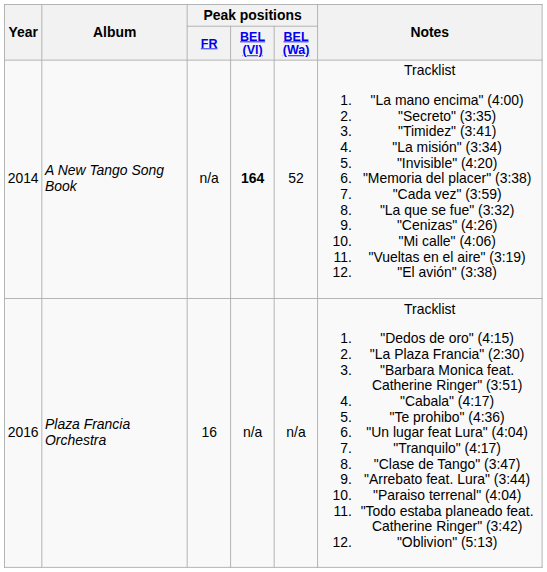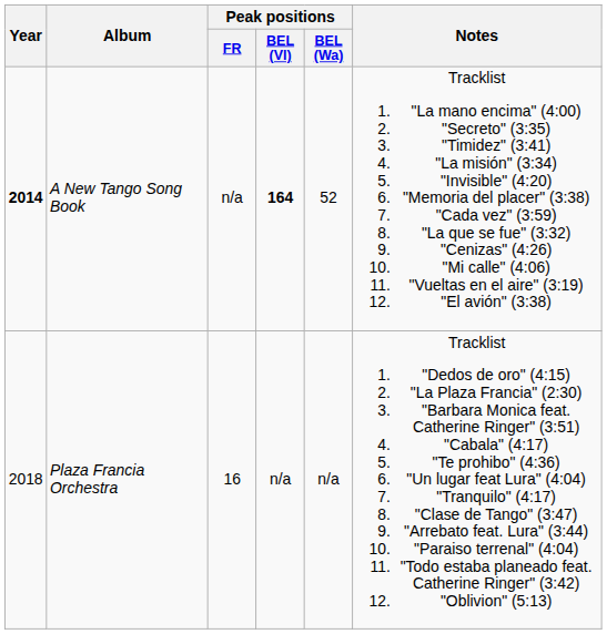 <table class="wikitable">
 <tr>
 <th align="center" rowspan="2" width="10">Year</th>
 <th align="center" rowspan="2" width="160">Album</th>
 <th align="center" colspan="3" width="20">Peak positions</th>
 <th align="center" rowspan="2" width="250">Notes</th>
 </tr>
 <tr>
 <th scope="col" style="width:3em;font-size:90%;"><a href='#'>FR</a><br></th>
 <th scope="col" style="width:3em;font-size:90%;"><a href='#'>BEL <br>(Vl)</a><br></th>
 <th scope="col" style="width:3em;font-size:90%;"><a href='#'>BEL <br>(Wa)</a><br></th>
 </tr>
 <tr>
-<td style="text-align:center;">2014</td>
+<td style="text-align:center;"><strong>2014</strong></td>
 <td><em>A New Tango Song Book</em></td>
 <td style="text-align:center;">n/a</td>
 <td style="text-align:center;"><strong>164</strong></td>
 <td style="text-align:center;">52</td>
 <td style="text-align:center;">Tracklist<br><ol><li>"La mano encima" (4:00)</li><li>"Secreto" (3:35)</li><li>"Timidez" (3:41)</li><li>"La misión" (3:34)</li><li>"Invisible" (4:20)</li><li>"Memoria del placer" (3:38)</li><li>"Cada vez" (3:59)</li><li>"La que se fue" (3:32)</li><li>"Cenizas" (4:26)</li><li>"Mi calle" (4:06)</li><li>"Vueltas en el aire" (3:19)</li><li>"El avión" (3:38)</li></ol></td>
 </tr>
 <tr>
-<td style="text-align:center;">2016</td>
+<td style="text-align:center;">2018</td>
 <td><em>Plaza Francia Orchestra</em></td>
 <td style="text-align:center;">16</td>
 <td style="text-align:center;">n/a</td>
 <td style="text-align:center;">n/a</td>
 <td style="text-align:center;">Tracklist<br><ol><li>"Dedos de oro" (4:15)</li><li>"La Plaza Francia" (2:30)</li><li>"Barbara Monica feat. Catherine Ringer" (3:51)</li><li>"Cabala" (4:17)</li><li>"Te prohibo" (4:36)</li><li>"Un lugar feat Lura" (4:04)</li><li>"Tranquilo" (4:17)</li><li>"Clase de Tango" (3:47)</li><li>"Arrebato feat. Lura" (3:44)</li><li>"Paraiso terrenal" (4:04)</li><li>"Todo estaba planeado feat. Catherine Ringer" (3:42)</li><li>"Oblivion" (5:13)</li></ol></td>
 </tr>
 </table>
